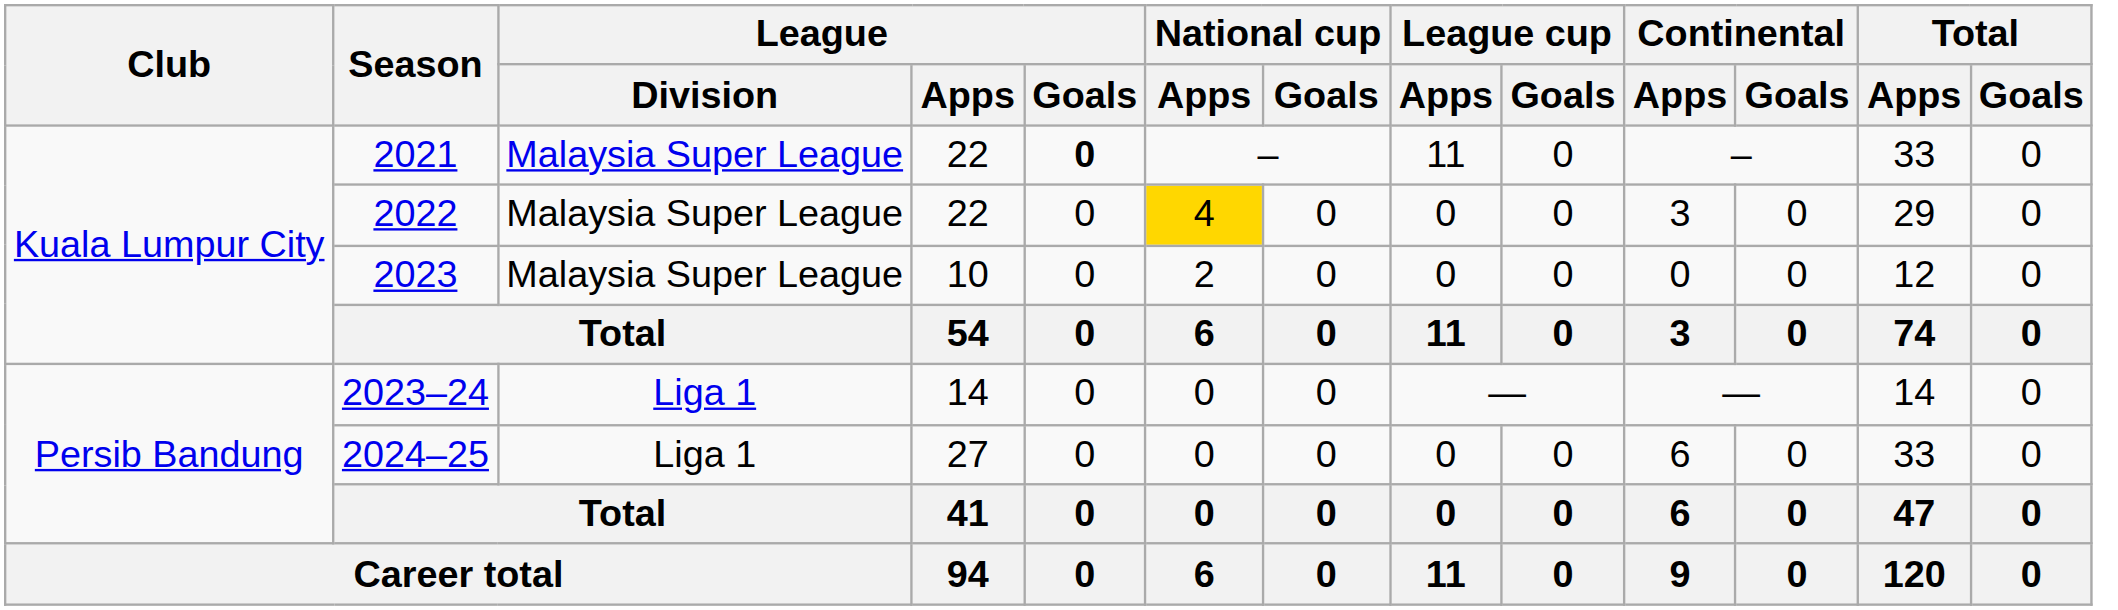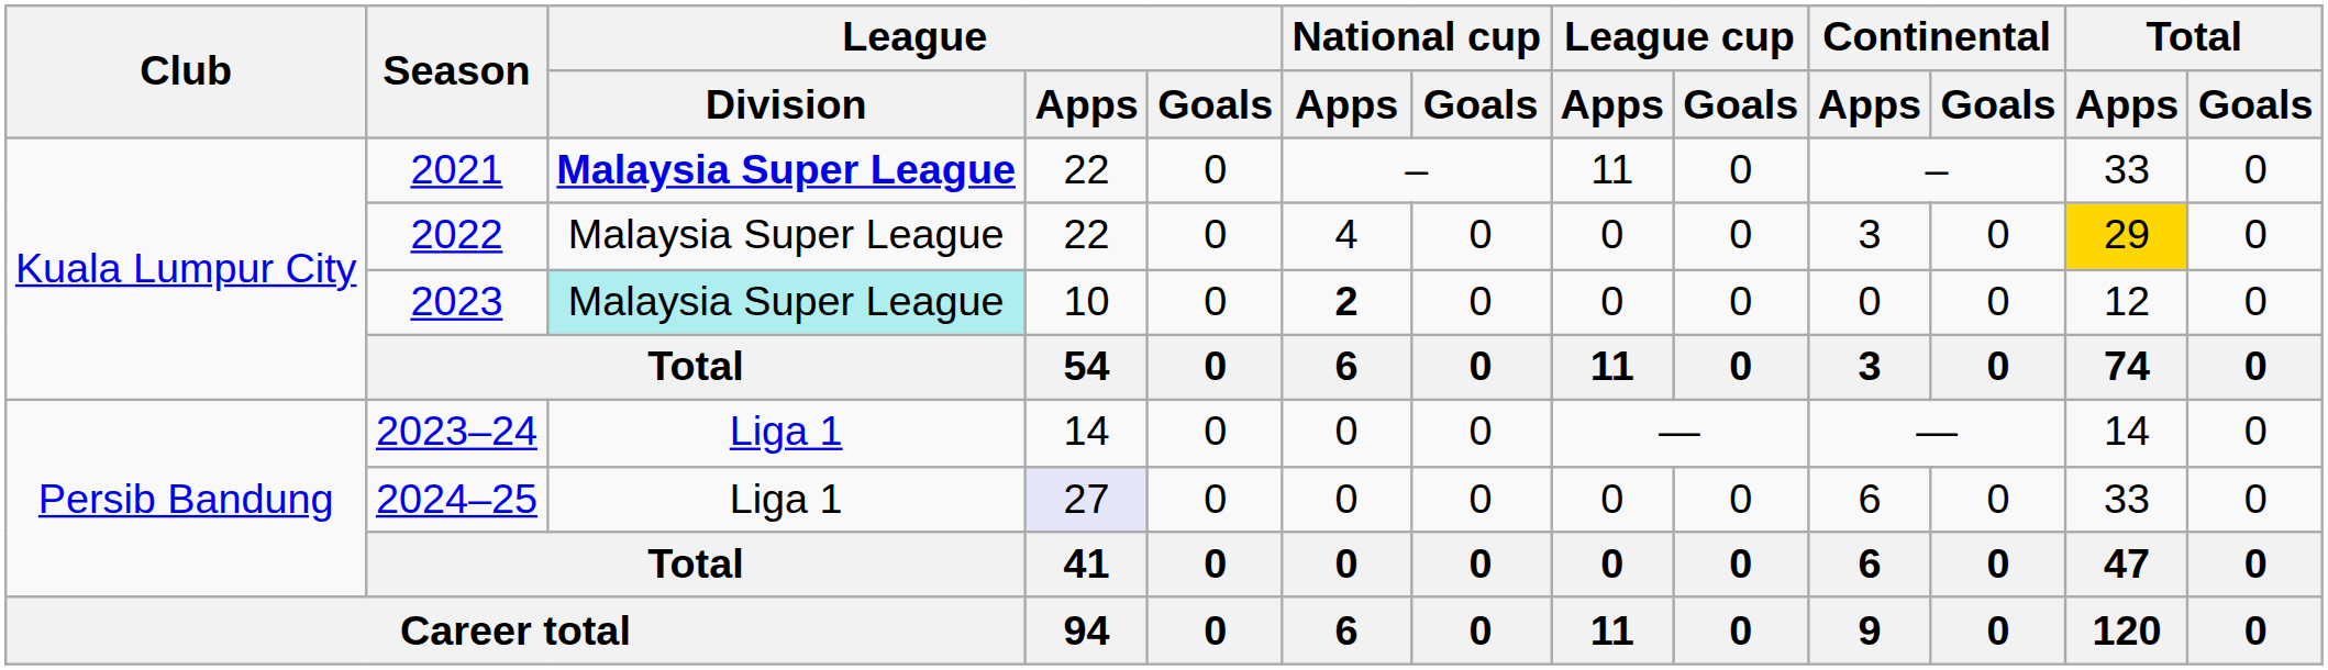 <table class=wikitable style="text-align:center">
 <tr>
 <th rowspan="2">Club</th>
 <th rowspan="2">Season</th>
 <th colspan="3">League</th>
 <th colspan="2">National cup</th>
 <th colspan="2">League cup</th>
 <th colspan="2">Continental</th>
 <th colspan="2">Total</th>
 </tr>
 <tr>
 <th>Division</th>
 <th>Apps</th>
 <th>Goals</th>
 <th>Apps</th>
 <th>Goals</th>
 <th>Apps</th>
 <th>Goals</th>
 <th>Apps</th>
 <th>Goals</th>
 <th>Apps</th>
 <th>Goals</th>
 </tr>
 <tr>
 <td rowspan="4"><a href='#'>Kuala Lumpur City</a></td>
 <td><a href='#'>2021</a></td>
-<td><a href='#'>Malaysia Super League</a></td>
+<td><strong><a href='#'>Malaysia Super League</a></strong></td>
 <td>22</td>
-<td><strong>0</strong></td>
+<td>0</td>
 <td colspan="2">–</td>
 <td>11</td>
 <td>0</td>
 <td colspan="2">–</td>
 <td>33</td>
 <td>0</td>
 </tr>
 <tr>
 <td><a href='#'>2022</a></td>
 <td>Malaysia Super League</td>
 <td>22</td>
 <td>0</td>
-<td style="background: gold;">4</td>
+<td>4</td>
 <td>0</td>
 <td>0</td>
 <td>0</td>
 <td>3</td>
 <td>0</td>
-<td>29</td>
+<td style="background: gold;">29</td>
 <td>0</td>
 </tr>
 <tr>
 <td><a href='#'>2023</a></td>
-<td>Malaysia Super League</td>
+<td style="background: paleturquoise;">Malaysia Super League</td>
 <td>10</td>
 <td>0</td>
-<td>2</td>
+<td><strong>2</strong></td>
 <td>0</td>
 <td>0</td>
 <td>0</td>
 <td>0</td>
 <td>0</td>
 <td>12</td>
 <td>0</td>
 </tr>
 <tr>
 <th colspan="2">Total</th>
 <th>54</th>
 <th>0</th>
 <th>6</th>
 <th>0</th>
 <th>11</th>
 <th>0</th>
 <th>3</th>
 <th>0</th>
 <th>74</th>
 <th>0</th>
 </tr>
 <tr>
 <td rowspan="3"><a href='#'>Persib Bandung</a></td>
 <td><a href='#'>2023–24</a></td>
 <td><a href='#'>Liga 1</a></td>
 <td>14</td>
 <td>0</td>
 <td>0</td>
 <td>0</td>
 <td colspan="2">—</td>
 <td colspan="2">—</td>
 <td>14</td>
 <td>0</td>
 </tr>
 <tr>
 <td><a href='#'>2024–25</a></td>
 <td>Liga 1</td>
-<td>27</td>
+<td style="background: lavender;">27</td>
 <td>0</td>
 <td>0</td>
 <td>0</td>
 <td>0</td>
 <td>0</td>
 <td>6</td>
 <td>0</td>
 <td>33</td>
 <td>0</td>
 </tr>
 <tr>
 <th colspan="2">Total</th>
 <th>41</th>
 <th>0</th>
 <th>0</th>
 <th>0</th>
 <th>0</th>
 <th>0</th>
 <th>6</th>
 <th>0</th>
 <th>47</th>
 <th>0</th>
 </tr>
 <tr>
 <th colspan="3">Career total</th>
 <th>94</th>
 <th>0</th>
 <th>6</th>
 <th>0</th>
 <th>11</th>
 <th>0</th>
 <th>9</th>
 <th>0</th>
 <th>120</th>
 <th>0</th>
 </tr>
 </table>
